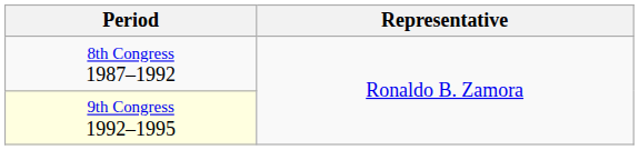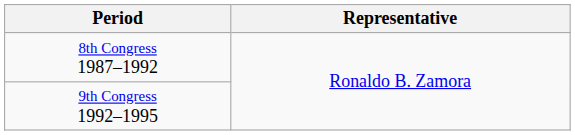 <table class="wikitable" style="text-align:center; width:40%;">
 <tr>
 <th width=40%>Period</th>
 <th>Representative</th>
 </tr>
 <tr>
 <td><small><a href='#'>8th Congress</a></small><br>1987–1992</td>
 <td rowspan=2><a href='#'>Ronaldo B. Zamora</a></td>
 </tr>
 <tr>
-<td style="background: lightyellow;"><small><a href='#'>9th Congress</a></small><br>1992–1995</td>
+<td><small><a href='#'>9th Congress</a></small><br>1992–1995</td>
 </tr>
 </table>
